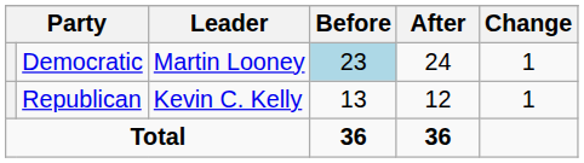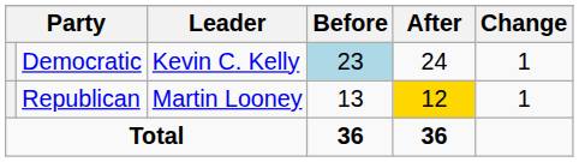 <table class="wikitable" style="text-align:center;">
 <tr>
 </tr>
 <tr>
 <th colspan=2>Party</th>
 <th>Leader</th>
 <th style="width:3em">Before</th>
 <th style="width:3em">After</th>
 <th style="width:3em">Change</th>
 </tr>
 <tr>
 <th style="background-color:"></th>
 <td style="text-align:left;"><a href='#'>Democratic</a></td>
-<td style="text-align:left;"><a href='#'>Martin Looney</a></td>
+<td style="text-align:left;"><a href='#'>Kevin C. Kelly</a></td>
 <td style="background: lightblue;">23</td>
 <td>24</td>
 <td>1</td>
 </tr>
 <tr>
 <th style="background-color:"></th>
 <td style="text-align:left;"><a href='#'>Republican</a></td>
-<td style="text-align:left;"><a href='#'>Kevin C. Kelly</a></td>
+<td style="text-align:left;"><a href='#'>Martin Looney</a></td>
 <td>13</td>
-<td>12</td>
+<td style="background: gold;">12</td>
 <td>1</td>
 </tr>
 <tr>
 <td colspan=3><strong>Total</strong></td>
 <td><strong>36</strong></td>
 <td><strong>36</strong></td>
 <td></td>
 </tr>
 </table>
